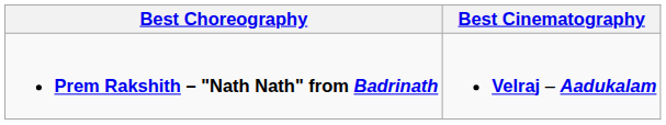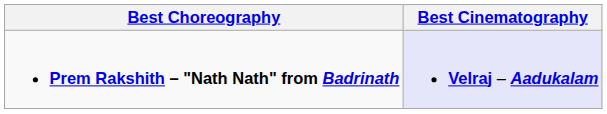 <table class="wikitable">
 <tr>
 <th><a href='#'>Best Choreography</a></th>
 <th><a href='#'>Best Cinematography</a></th>
 </tr>
 <tr>
 <td><br><ul><li><strong><a href='#'>Prem Rakshith</a> – "Nath Nath" from</strong> <strong><em><a href='#'>Badrinath</a></em></strong></li></ul></td>
-<td><br><ul><li><strong><a href='#'>Velraj</a></strong> – <strong><em><a href='#'>Aadukalam</a></em></strong></li></ul></td>
+<td style="background: lavender;"><br><ul><li><strong><a href='#'>Velraj</a></strong> – <strong><em><a href='#'>Aadukalam</a></em></strong></li></ul></td>
 </tr>
 </table>
